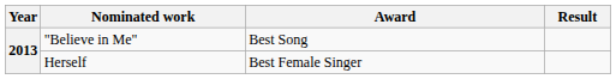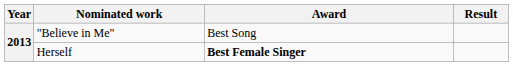 <table class="wikitable plainrowheaders">
 <tr>
 <th scope="col">Year</th>
 <th scope="col" style="width:220px;">Nominated work</th>
 <th scope="col" style="width:325px;">Award</th>
 <th scope="col" style="width:65px;">Result</th>
 </tr>
 <tr>
 <th scope="row" rowspan="2" style="text-align:center;">2013</th>
 <td>"Believe in Me"</td>
 <td>Best Song</td>
 <td></td>
 </tr>
 <tr>
 <td>Herself</td>
-<td>Best Female Singer</td>
+<td><strong>Best Female Singer</strong></td>
 <td></td>
 </tr>
 </table>
